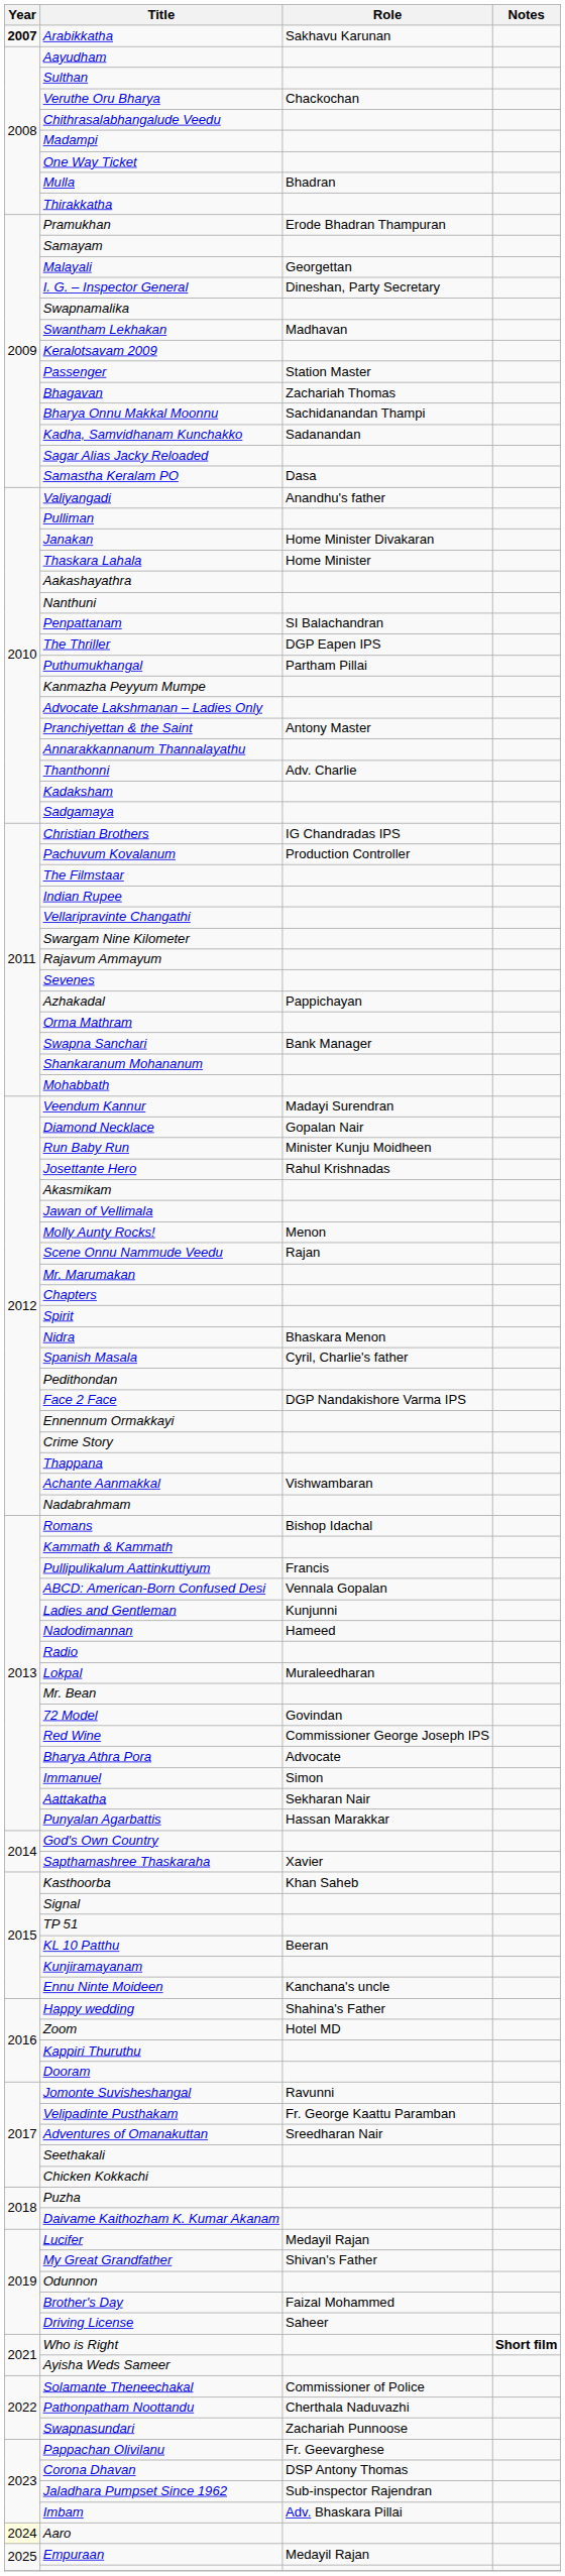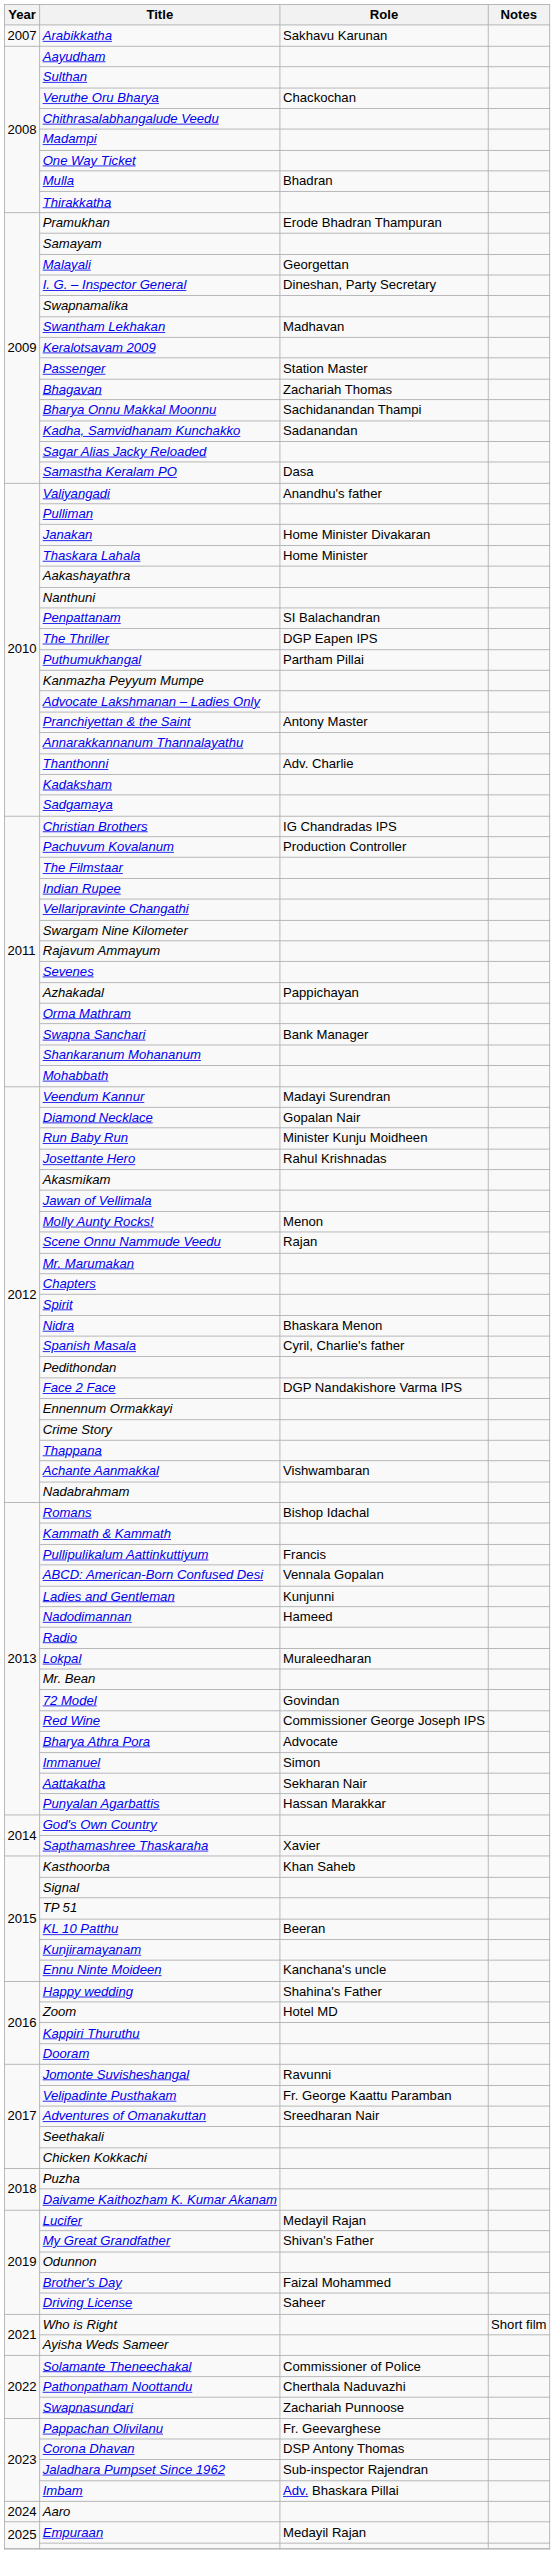 <table class="wikitable sortable">
 <tr>
 <th>Year</th>
 <th>Title</th>
 <th>Role</th>
 <th class="unsortable">Notes</th>
 </tr>
 <tr>
-<td><strong>2007</strong></td>
+<td>2007</td>
 <td><em><a href='#'>Arabikkatha</a></em></td>
 <td>Sakhavu Karunan</td>
 <td></td>
 </tr>
 <tr>
 <td rowspan=8>2008</td>
 <td><em><a href='#'>Aayudham</a></em></td>
 <td></td>
 <td></td>
 </tr>
 <tr>
 <td><em><a href='#'>Sulthan</a></em></td>
 <td></td>
 <td></td>
 </tr>
 <tr>
 <td><em><a href='#'>Veruthe Oru Bharya</a></em></td>
 <td>Chackochan</td>
 <td></td>
 </tr>
 <tr>
 <td><em><a href='#'>Chithrasalabhangalude Veedu</a></em></td>
 <td></td>
 <td></td>
 </tr>
 <tr>
 <td><em><a href='#'>Madampi</a></em></td>
 <td></td>
 <td></td>
 </tr>
 <tr>
 <td><em><a href='#'>One Way Ticket</a></em></td>
 <td></td>
 <td></td>
 </tr>
 <tr>
 <td><em><a href='#'>Mulla</a></em></td>
 <td>Bhadran</td>
 <td></td>
 </tr>
 <tr>
 <td><em><a href='#'>Thirakkatha</a></em></td>
 <td></td>
 <td></td>
 </tr>
 <tr>
 <td rowspan=13>2009</td>
 <td><em>Pramukhan</em></td>
 <td>Erode Bhadran Thampuran</td>
 <td></td>
 </tr>
 <tr>
 <td><em>Samayam</em></td>
 <td></td>
 <td></td>
 </tr>
 <tr>
 <td><em><a href='#'>Malayali</a></em></td>
 <td>Georgettan</td>
 <td></td>
 </tr>
 <tr>
 <td><em><a href='#'>I. G. – Inspector General</a></em></td>
 <td>Dineshan, Party Secretary</td>
 <td></td>
 </tr>
 <tr>
 <td><em>Swapnamalika</em></td>
 <td></td>
 <td></td>
 </tr>
 <tr>
 <td><em><a href='#'>Swantham Lekhakan</a></em></td>
 <td>Madhavan</td>
 <td></td>
 </tr>
 <tr>
 <td><em><a href='#'>Keralotsavam 2009</a></em></td>
 <td></td>
 <td></td>
 </tr>
 <tr>
 <td><em><a href='#'>Passenger</a></em></td>
 <td>Station Master</td>
 <td></td>
 </tr>
 <tr>
 <td><em><a href='#'>Bhagavan</a></em></td>
 <td>Zachariah Thomas</td>
 <td></td>
 </tr>
 <tr>
 <td><em><a href='#'>Bharya Onnu Makkal Moonnu</a></em></td>
 <td>Sachidanandan Thampi</td>
 <td></td>
 </tr>
 <tr>
 <td><em><a href='#'>Kadha, Samvidhanam Kunchakko</a></em></td>
 <td>Sadanandan</td>
 <td></td>
 </tr>
 <tr>
 <td><em><a href='#'>Sagar Alias Jacky Reloaded</a></em></td>
 <td></td>
 <td></td>
 </tr>
 <tr>
 <td><em><a href='#'>Samastha Keralam PO</a></em></td>
 <td>Dasa</td>
 <td></td>
 </tr>
 <tr>
 <td rowspan=16>2010</td>
 <td><em><a href='#'>Valiyangadi</a></em></td>
 <td>Anandhu's father</td>
 <td></td>
 </tr>
 <tr>
 <td><em><a href='#'>Pulliman</a></em></td>
 <td></td>
 <td></td>
 </tr>
 <tr>
 <td><em><a href='#'>Janakan</a></em></td>
 <td>Home Minister Divakaran</td>
 <td></td>
 </tr>
 <tr>
 <td><em><a href='#'>Thaskara Lahala</a></em></td>
 <td>Home Minister</td>
 <td></td>
 </tr>
 <tr>
 <td><em>Aakashayathra</em></td>
 <td></td>
 <td></td>
 </tr>
 <tr>
 <td><em>Nanthuni</em></td>
 <td></td>
 <td></td>
 </tr>
 <tr>
 <td><em><a href='#'>Penpattanam</a></em></td>
 <td>SI Balachandran</td>
 <td></td>
 </tr>
 <tr>
 <td><em><a href='#'>The Thriller</a></em></td>
 <td>DGP Eapen IPS</td>
 <td></td>
 </tr>
 <tr>
 <td><em><a href='#'>Puthumukhangal</a></em></td>
 <td>Partham Pillai</td>
 <td></td>
 </tr>
 <tr>
 <td><em>Kanmazha Peyyum Mumpe</em></td>
 <td></td>
 <td></td>
 </tr>
 <tr>
 <td><em><a href='#'>Advocate Lakshmanan – Ladies Only</a></em></td>
 <td></td>
 <td></td>
 </tr>
 <tr>
 <td><em><a href='#'>Pranchiyettan & the Saint</a></em></td>
 <td>Antony Master</td>
 <td></td>
 </tr>
 <tr>
 <td><em><a href='#'>Annarakkannanum Thannalayathu</a></em></td>
 <td></td>
 <td></td>
 </tr>
 <tr>
 <td><em><a href='#'>Thanthonni</a></em></td>
 <td>Adv. Charlie</td>
 <td></td>
 </tr>
 <tr>
 <td><em><a href='#'>Kadaksham</a></em></td>
 <td></td>
 <td></td>
 </tr>
 <tr>
 <td><em><a href='#'>Sadgamaya</a></em></td>
 <td></td>
 <td></td>
 </tr>
 <tr>
 <td rowspan=13>2011</td>
 <td><em><a href='#'>Christian Brothers</a></em></td>
 <td>IG Chandradas IPS</td>
 <td></td>
 </tr>
 <tr>
 <td><em><a href='#'>Pachuvum Kovalanum</a></em></td>
 <td>Production Controller</td>
 <td></td>
 </tr>
 <tr>
 <td><em><a href='#'>The Filmstaar</a></em></td>
 <td></td>
 <td></td>
 </tr>
 <tr>
 <td><em><a href='#'>Indian Rupee</a></em></td>
 <td></td>
 <td></td>
 </tr>
 <tr>
 <td><em><a href='#'>Vellaripravinte Changathi</a></em></td>
 <td></td>
 <td></td>
 </tr>
 <tr>
 <td><em>Swargam Nine Kilometer</em></td>
 <td></td>
 <td></td>
 </tr>
 <tr>
 <td><em>Rajavum Ammayum</em></td>
 <td></td>
 <td></td>
 </tr>
 <tr>
 <td><em><a href='#'>Sevenes</a></em></td>
 <td></td>
 <td></td>
 </tr>
 <tr>
 <td><em>Azhakadal</em></td>
 <td>Pappichayan</td>
 <td></td>
 </tr>
 <tr>
 <td><em><a href='#'>Orma Mathram</a></em></td>
 <td></td>
 <td></td>
 </tr>
 <tr>
 <td><em><a href='#'>Swapna Sanchari</a></em></td>
 <td>Bank Manager</td>
 <td></td>
 </tr>
 <tr>
 <td><em><a href='#'>Shankaranum Mohananum</a></em></td>
 <td></td>
 <td></td>
 </tr>
 <tr>
 <td><em><a href='#'>Mohabbath</a></em></td>
 <td></td>
 <td></td>
 </tr>
 <tr>
 <td rowspan=20>2012</td>
 <td><em><a href='#'>Veendum Kannur</a></em></td>
 <td>Madayi Surendran</td>
 <td></td>
 </tr>
 <tr>
 <td><em><a href='#'>Diamond Necklace</a></em></td>
 <td>Gopalan Nair</td>
 <td></td>
 </tr>
 <tr>
 <td><em><a href='#'>Run Baby Run</a></em></td>
 <td>Minister Kunju Moidheen</td>
 <td></td>
 </tr>
 <tr>
 <td><em><a href='#'>Josettante Hero</a></em></td>
 <td>Rahul Krishnadas</td>
 <td></td>
 </tr>
 <tr>
 <td><em>Akasmikam</em></td>
 <td></td>
 <td></td>
 </tr>
 <tr>
 <td><em><a href='#'>Jawan of Vellimala</a></em></td>
 <td></td>
 <td></td>
 </tr>
 <tr>
 <td><em><a href='#'>Molly Aunty Rocks!</a></em></td>
 <td>Menon</td>
 <td></td>
 </tr>
 <tr>
 <td><em><a href='#'>Scene Onnu Nammude Veedu</a></em></td>
 <td>Rajan</td>
 <td></td>
 </tr>
 <tr>
 <td><em><a href='#'>Mr. Marumakan</a></em></td>
 <td></td>
 <td></td>
 </tr>
 <tr>
 <td><em><a href='#'>Chapters</a></em></td>
 <td></td>
 <td></td>
 </tr>
 <tr>
 <td><em><a href='#'>Spirit</a></em></td>
 <td></td>
 <td></td>
 </tr>
 <tr>
 <td><em><a href='#'>Nidra</a></em></td>
 <td>Bhaskara Menon</td>
 <td></td>
 </tr>
 <tr>
 <td><em><a href='#'>Spanish Masala</a></em></td>
 <td>Cyril, Charlie's father</td>
 <td></td>
 </tr>
 <tr>
 <td><em>Pedithondan</em></td>
 <td></td>
 <td></td>
 </tr>
 <tr>
 <td><em><a href='#'>Face 2 Face</a></em></td>
 <td>DGP Nandakishore Varma IPS</td>
 <td></td>
 </tr>
 <tr>
 <td><em>Ennennum Ormakkayi</em></td>
 <td></td>
 <td></td>
 </tr>
 <tr>
 <td><em>Crime Story</em></td>
 <td></td>
 <td></td>
 </tr>
 <tr>
 <td><em><a href='#'>Thappana</a></em></td>
 <td></td>
 <td></td>
 </tr>
 <tr>
 <td><em><a href='#'>Achante Aanmakkal</a></em></td>
 <td>Vishwambaran</td>
 <td></td>
 </tr>
 <tr>
 <td><em>Nadabrahmam</em></td>
 <td></td>
 <td></td>
 </tr>
 <tr>
 <td rowspan=15>2013</td>
 <td><em><a href='#'>Romans</a></em></td>
 <td>Bishop Idachal</td>
 <td></td>
 </tr>
 <tr>
 <td><em><a href='#'>Kammath & Kammath</a></em></td>
 <td></td>
 <td></td>
 </tr>
 <tr>
 <td><em><a href='#'>Pullipulikalum Aattinkuttiyum</a></em></td>
 <td>Francis</td>
 <td></td>
 </tr>
 <tr>
 <td><em><a href='#'>ABCD: American-Born Confused Desi</a></em></td>
 <td>Vennala Gopalan</td>
 <td></td>
 </tr>
 <tr>
 <td><em><a href='#'>Ladies and Gentleman</a></em></td>
 <td>Kunjunni</td>
 <td></td>
 </tr>
 <tr>
 <td><em><a href='#'>Nadodimannan</a></em></td>
 <td>Hameed</td>
 <td></td>
 </tr>
 <tr>
 <td><em><a href='#'>Radio</a></em></td>
 <td></td>
 <td></td>
 </tr>
 <tr>
 <td><em><a href='#'>Lokpal</a></em></td>
 <td>Muraleedharan</td>
 <td></td>
 </tr>
 <tr>
 <td><em>Mr. Bean</em></td>
 <td></td>
 <td></td>
 </tr>
 <tr>
 <td><em><a href='#'>72 Model</a></em></td>
 <td>Govindan</td>
 <td></td>
 </tr>
 <tr>
 <td><em><a href='#'>Red Wine</a></em></td>
 <td>Commissioner George Joseph IPS</td>
 <td></td>
 </tr>
 <tr>
 <td><em><a href='#'>Bharya Athra Pora</a></em></td>
 <td>Advocate</td>
 <td></td>
 </tr>
 <tr>
 <td><em><a href='#'>Immanuel</a></em></td>
 <td>Simon</td>
 <td></td>
 </tr>
 <tr>
 <td><em><a href='#'>Aattakatha</a></em></td>
 <td>Sekharan Nair</td>
 <td></td>
 </tr>
 <tr>
 <td><em><a href='#'>Punyalan Agarbattis</a></em></td>
 <td>Hassan Marakkar</td>
 <td></td>
 </tr>
 <tr>
 <td rowspan=2>2014</td>
 <td><em><a href='#'>God's Own Country</a></em></td>
 <td></td>
 <td></td>
 </tr>
 <tr>
 <td><em><a href='#'>Sapthamashree Thaskaraha</a></em></td>
 <td>Xavier</td>
 <td></td>
 </tr>
 <tr>
 <td rowspan=6>2015</td>
 <td><em>Kasthoorba</em></td>
 <td>Khan Saheb</td>
 <td></td>
 </tr>
 <tr>
 <td><em>Signal</em></td>
 <td></td>
 <td></td>
 </tr>
 <tr>
 <td><em>TP 51</em></td>
 <td></td>
 <td></td>
 </tr>
 <tr>
 <td><em><a href='#'>KL 10 Patthu</a></em></td>
 <td>Beeran</td>
 <td></td>
 </tr>
 <tr>
 <td><em><a href='#'>Kunjiramayanam</a></em></td>
 <td></td>
 <td></td>
 </tr>
 <tr>
 <td><em><a href='#'>Ennu Ninte Moideen</a></em></td>
 <td>Kanchana's uncle</td>
 <td></td>
 </tr>
 <tr>
 <td rowspan=4>2016</td>
 <td><em><a href='#'>Happy wedding</a></em></td>
 <td>Shahina's Father</td>
 <td></td>
 </tr>
 <tr>
 <td><em>Zoom</em></td>
 <td>Hotel MD</td>
 <td></td>
 </tr>
 <tr>
 <td><em><a href='#'>Kappiri Thuruthu</a></em></td>
 <td></td>
 <td></td>
 </tr>
 <tr>
 <td><em><a href='#'>Dooram</a></em></td>
 <td></td>
 <td></td>
 </tr>
 <tr>
 <td rowspan=5>2017</td>
 <td><em><a href='#'>Jomonte Suvisheshangal</a></em></td>
 <td>Ravunni</td>
 <td></td>
 </tr>
 <tr>
 <td><em><a href='#'>Velipadinte Pusthakam</a></em></td>
 <td>Fr. George Kaattu Paramban</td>
 <td></td>
 </tr>
 <tr>
 <td><em><a href='#'>Adventures of Omanakuttan</a></em></td>
 <td>Sreedharan Nair</td>
 <td></td>
 </tr>
 <tr>
 <td><em>Seethakali</em></td>
 <td></td>
 <td></td>
 </tr>
 <tr>
 <td><em>Chicken Kokkachi</em></td>
 <td></td>
 <td></td>
 </tr>
 <tr>
 <td rowspan=2>2018</td>
 <td><em>Puzha</em></td>
 <td></td>
 <td></td>
 </tr>
 <tr>
 <td><em><a href='#'>Daivame Kaithozham K. Kumar Akanam</a></em></td>
 <td></td>
 <td></td>
 </tr>
 <tr>
 <td rowspan=5>2019</td>
 <td><em><a href='#'>Lucifer</a></em></td>
 <td>Medayil Rajan</td>
 <td></td>
 </tr>
 <tr>
 <td><em><a href='#'>My Great Grandfather</a></em></td>
 <td>Shivan's Father</td>
 <td></td>
 </tr>
 <tr>
 <td><em>Odunnon</em></td>
 <td></td>
 <td></td>
 </tr>
 <tr>
 <td><em><a href='#'>Brother's Day</a></em></td>
 <td>Faizal Mohammed</td>
 <td></td>
 </tr>
 <tr>
 <td><em><a href='#'>Driving License</a></em></td>
 <td>Saheer</td>
 <td></td>
 </tr>
 <tr>
 <td rowspan=2>2021</td>
 <td><em>Who is Right</em></td>
 <td></td>
-<td><strong>Short film</strong></td>
+<td>Short film</td>
 </tr>
 <tr>
 <td><em>Ayisha Weds Sameer</em></td>
 <td></td>
 <td></td>
 </tr>
 <tr>
 <td rowspan=3>2022</td>
 <td><em><a href='#'>Solamante Theneechakal</a></em></td>
 <td>Commissioner of Police</td>
 <td></td>
 </tr>
 <tr>
 <td><em><a href='#'>Pathonpatham Noottandu</a></em></td>
 <td>Cherthala Naduvazhi</td>
 <td></td>
 </tr>
 <tr>
 <td><em><a href='#'>Swapnasundari</a></em></td>
 <td>Zachariah Punnoose</td>
 <td></td>
 </tr>
 <tr>
 <td rowspan=4>2023</td>
 <td><em><a href='#'>Pappachan Olivilanu</a></em></td>
 <td>Fr. Geevarghese</td>
 <td></td>
 </tr>
 <tr>
 <td><em><a href='#'>Corona Dhavan</a></em></td>
 <td>DSP Antony Thomas</td>
 <td></td>
 </tr>
 <tr>
 <td><em><a href='#'>Jaladhara Pumpset Since 1962</a></em></td>
 <td>Sub-inspector Rajendran</td>
 <td></td>
 </tr>
 <tr>
 <td><em><a href='#'>Imbam</a></em></td>
 <td><a href='#'>Adv.</a> Bhaskara Pillai</td>
 <td></td>
 </tr>
 <tr>
-<td style="background: lightyellow;">2024</td>
+<td>2024</td>
 <td><em>Aaro</em></td>
 <td></td>
 <td></td>
 </tr>
 <tr>
 <td rowspan=2>2025</td>
 <td><em><a href='#'>Empuraan</a></em></td>
 <td>Medayil Rajan</td>
 <td></td>
 </tr>
 <tr>
 <td></td>
 <td></td>
 <td></td>
 </tr>
 <tr>
 </tr>
 </table>
